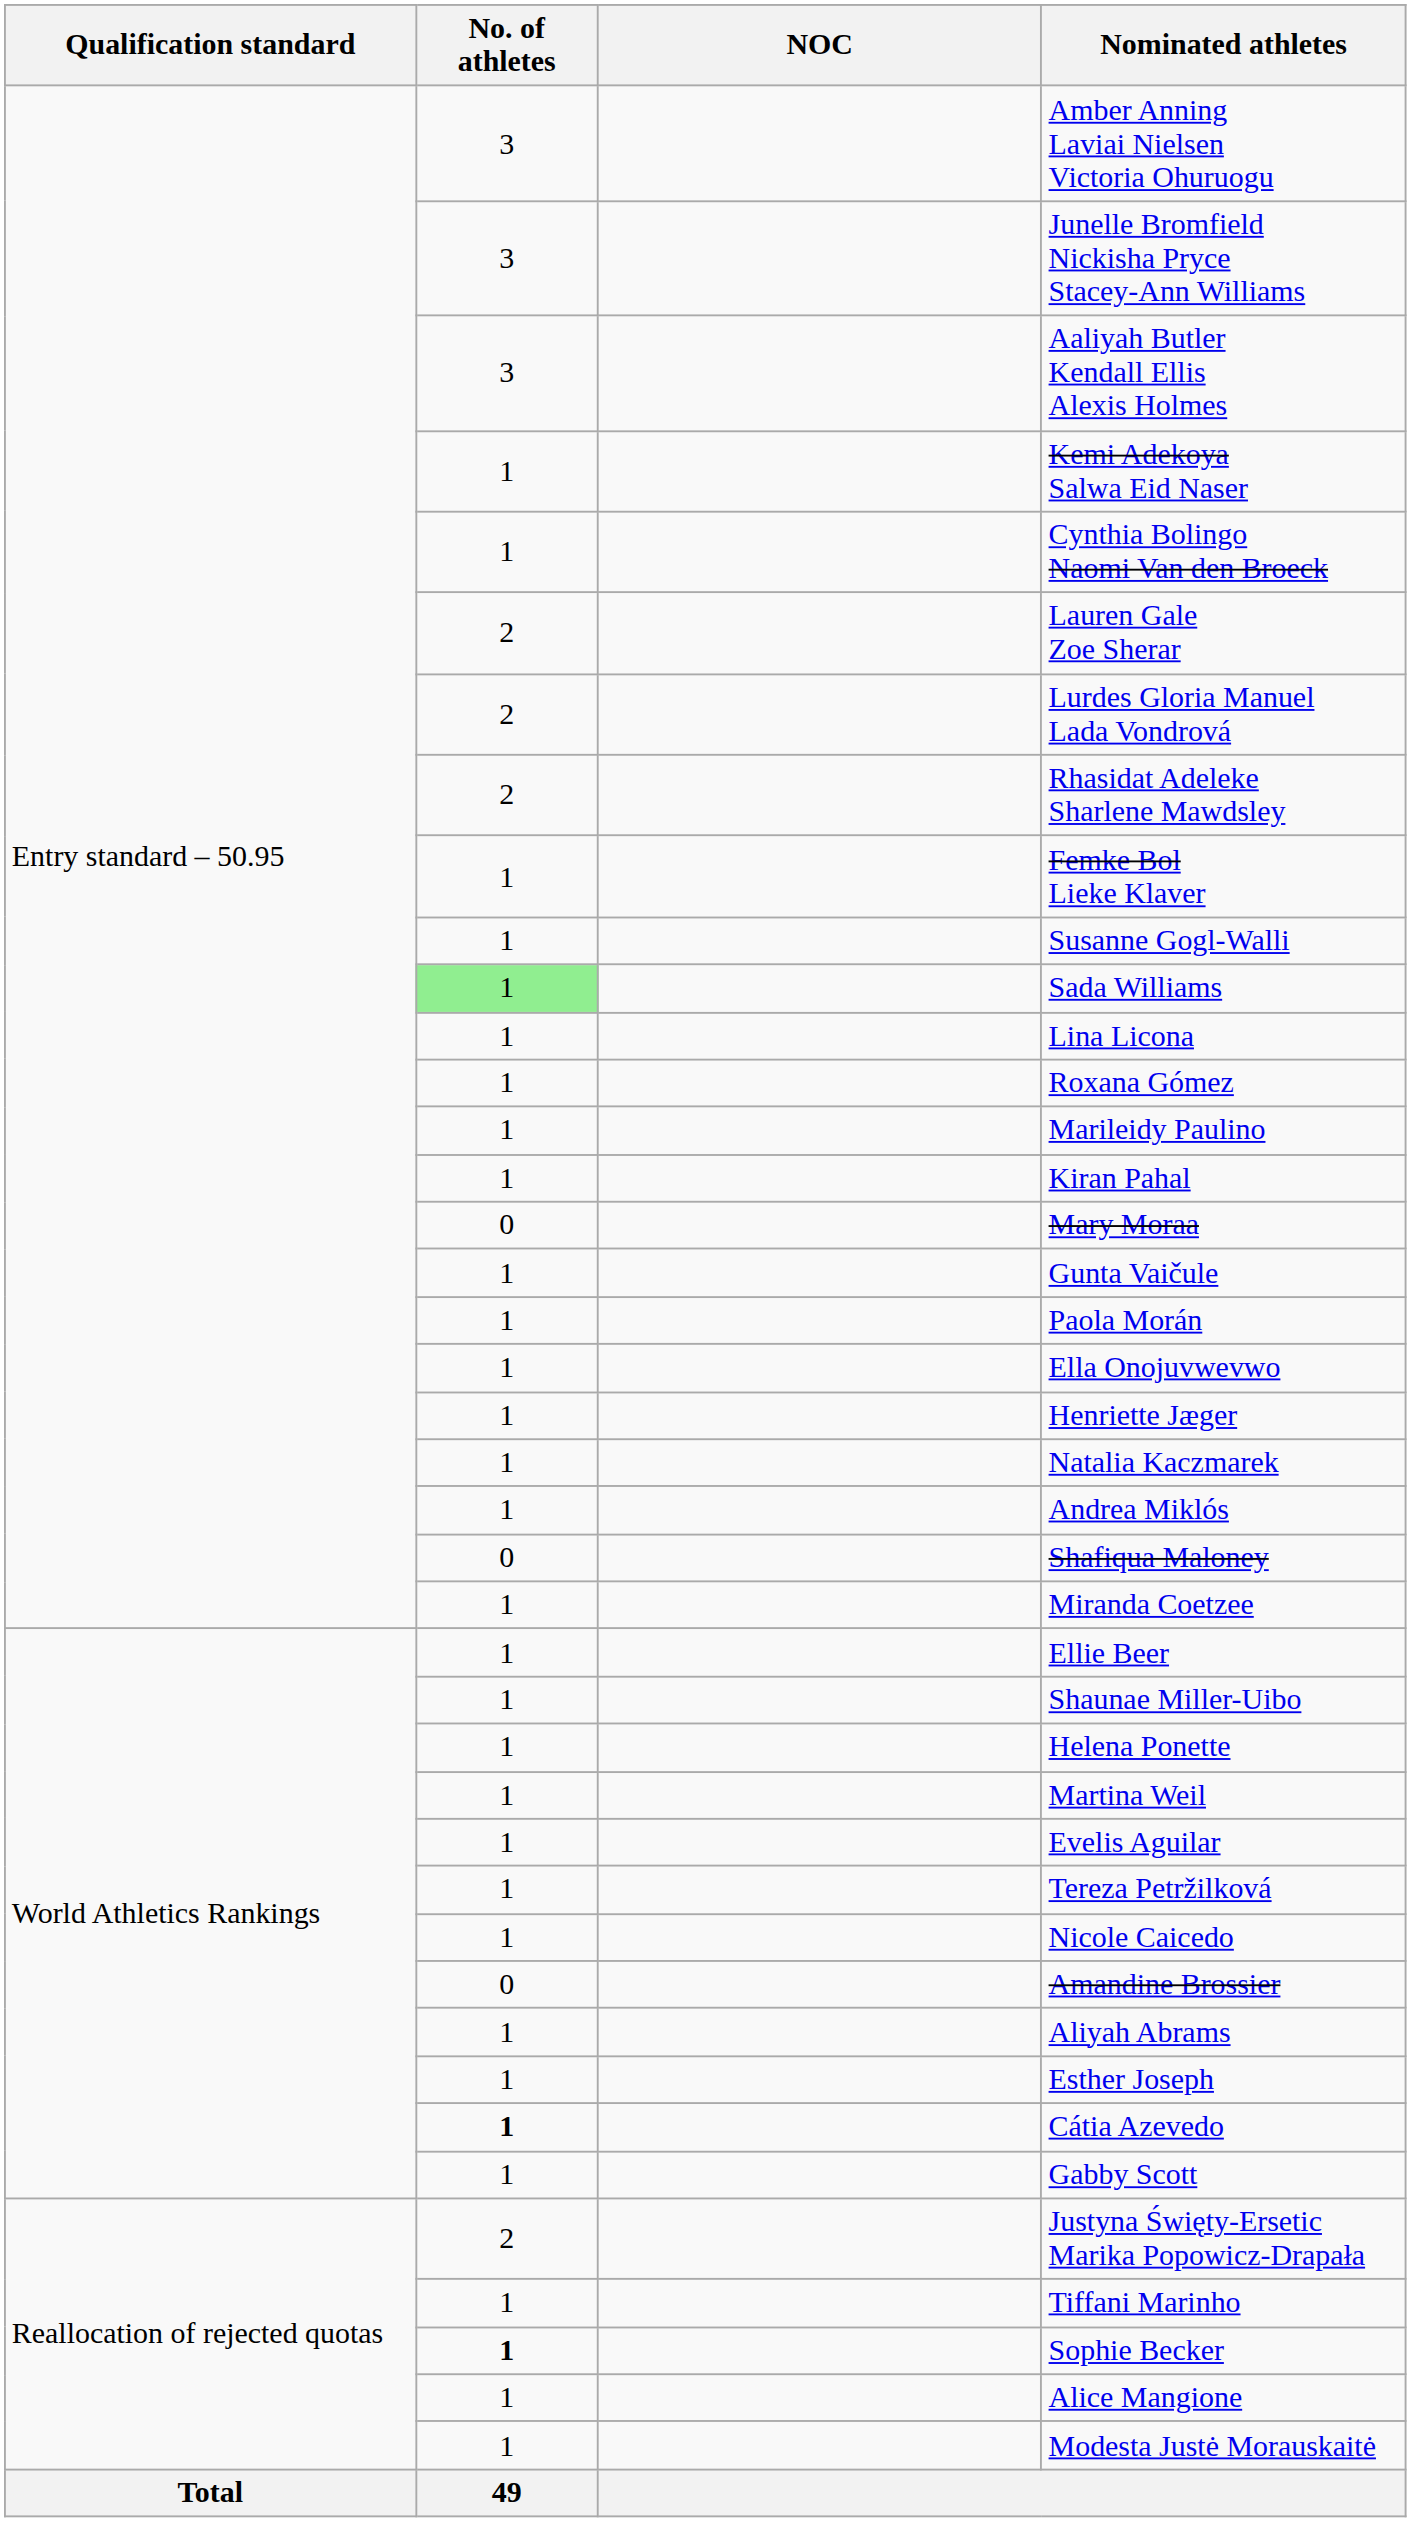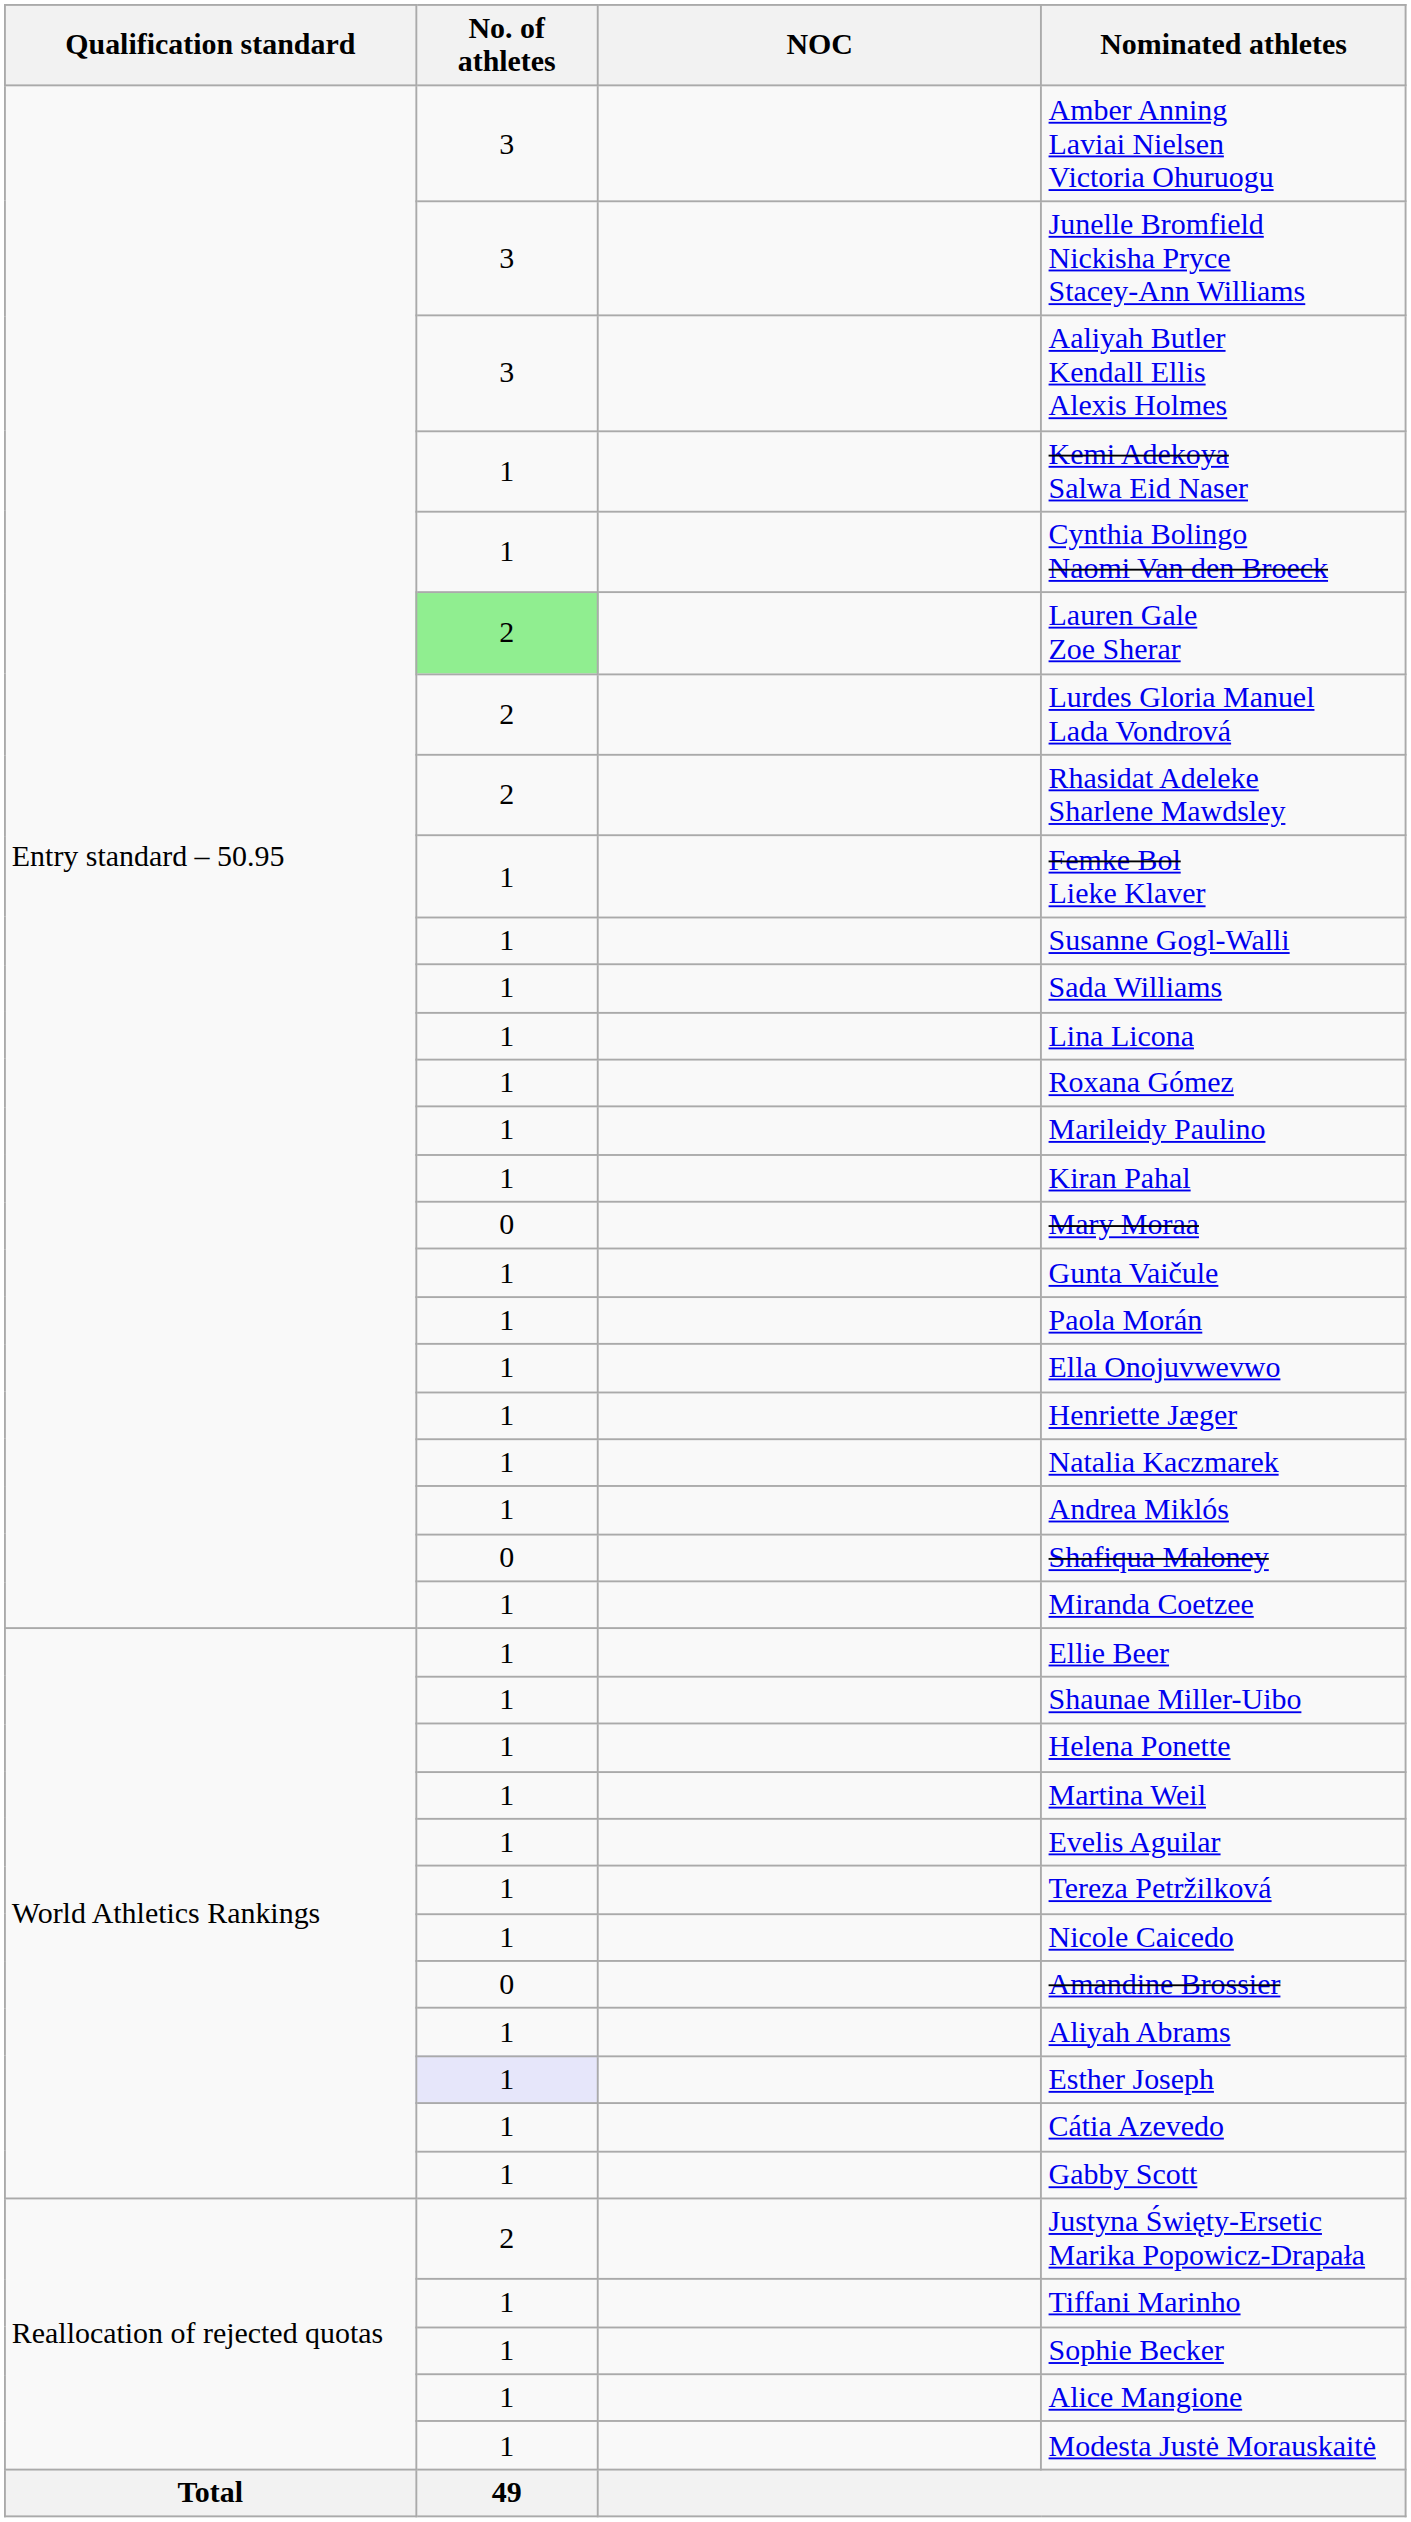 <table class="wikitable sortable" style="text-align:left; width:750px;">
 <tr>
 <th>Qualification standard</th>
 <th width=90>No. of athletes</th>
 <th width=230>NOC</th>
 <th>Nominated athletes</th>
 </tr>
 <tr>
 <td rowspan=24>Entry standard – 50.95</td>
 <td align=center>3</td>
 <td></td>
 <td><a href='#'>Amber Anning</a><br><a href='#'>Laviai Nielsen</a><br><a href='#'>Victoria Ohuruogu</a></td>
 </tr>
 <tr>
 <td align=center>3</td>
 <td></td>
 <td><a href='#'>Junelle Bromfield</a><br><a href='#'>Nickisha Pryce</a><br><a href='#'>Stacey-Ann Williams</a></td>
 </tr>
 <tr>
 <td align=center>3</td>
 <td></td>
 <td><a href='#'>Aaliyah Butler</a><br><a href='#'>Kendall Ellis</a><br><a href='#'>Alexis Holmes</a></td>
 </tr>
 <tr>
 <td align=center>1</td>
 <td></td>
 <td><s><a href='#'>Kemi Adekoya</a></s><br><a href='#'>Salwa Eid Naser</a></td>
 </tr>
 <tr>
 <td align=center>1</td>
 <td></td>
 <td><a href='#'>Cynthia Bolingo</a><br><s><a href='#'>Naomi Van den Broeck</a></s></td>
 </tr>
 <tr>
-<td align=center>2</td>
+<td align=center style="background: lightgreen;">2</td>
 <td></td>
 <td><a href='#'>Lauren Gale</a><br><a href='#'>Zoe Sherar</a></td>
 </tr>
 <tr>
 <td align=center>2</td>
 <td></td>
 <td><a href='#'>Lurdes Gloria Manuel</a><br><a href='#'>Lada Vondrová</a></td>
 </tr>
 <tr>
 <td align=center>2</td>
 <td></td>
 <td><a href='#'>Rhasidat Adeleke</a><br><a href='#'>Sharlene Mawdsley</a></td>
 </tr>
 <tr>
 <td align=center>1</td>
 <td></td>
 <td><s><a href='#'>Femke Bol</a></s><br><a href='#'>Lieke Klaver</a></td>
 </tr>
 <tr>
 <td align=center>1</td>
 <td></td>
 <td><a href='#'>Susanne Gogl-Walli</a></td>
 </tr>
 <tr>
-<td align=center style="background: lightgreen;">1</td>
+<td align=center>1</td>
 <td></td>
 <td><a href='#'>Sada Williams</a></td>
 </tr>
 <tr>
 <td align=center>1</td>
 <td></td>
 <td><a href='#'>Lina Licona</a></td>
 </tr>
 <tr>
 <td align=center>1</td>
 <td></td>
 <td><a href='#'>Roxana Gómez</a></td>
 </tr>
 <tr>
 <td align=center>1</td>
 <td></td>
 <td><a href='#'>Marileidy Paulino</a></td>
 </tr>
 <tr>
 <td align=center>1</td>
 <td></td>
 <td><a href='#'>Kiran Pahal</a></td>
 </tr>
 <tr>
 <td align=center>0</td>
 <td><s></s></td>
 <td><s><a href='#'>Mary Moraa</a></s></td>
 </tr>
 <tr>
 <td align=center>1</td>
 <td></td>
 <td><a href='#'>Gunta Vaičule</a></td>
 </tr>
 <tr>
 <td align=center>1</td>
 <td></td>
 <td><a href='#'>Paola Morán</a></td>
 </tr>
 <tr>
 <td align=center>1</td>
 <td></td>
 <td><a href='#'>Ella Onojuvwevwo</a></td>
 </tr>
 <tr>
 <td align=center>1</td>
 <td></td>
 <td><a href='#'>Henriette Jæger</a></td>
 </tr>
 <tr>
 <td align=center>1</td>
 <td></td>
 <td><a href='#'>Natalia Kaczmarek</a></td>
 </tr>
 <tr>
 <td align=center>1</td>
 <td></td>
 <td><a href='#'>Andrea Miklós</a></td>
 </tr>
 <tr>
 <td align=center>0</td>
 <td><s></s></td>
 <td><s><a href='#'>Shafiqua Maloney</a></s></td>
 </tr>
 <tr>
 <td align=center>1</td>
 <td></td>
 <td><a href='#'>Miranda Coetzee</a></td>
 </tr>
 <tr>
 <td rowspan="12">World Athletics Rankings</td>
 <td align=center>1</td>
 <td></td>
 <td><a href='#'>Ellie Beer</a></td>
 </tr>
 <tr>
 <td align=center>1</td>
 <td></td>
 <td><a href='#'>Shaunae Miller-Uibo</a></td>
 </tr>
 <tr>
 <td align=center>1</td>
 <td></td>
 <td><a href='#'>Helena Ponette</a></td>
 </tr>
 <tr>
 <td align=center>1</td>
 <td></td>
 <td><a href='#'>Martina Weil</a></td>
 </tr>
 <tr>
 <td align=center>1</td>
 <td></td>
 <td><a href='#'>Evelis Aguilar</a></td>
 </tr>
 <tr>
 <td align=center>1</td>
 <td></td>
 <td><a href='#'>Tereza Petržilková</a></td>
 </tr>
 <tr>
 <td align=center>1</td>
 <td></td>
 <td><a href='#'>Nicole Caicedo</a></td>
 </tr>
 <tr>
 <td align=center>0</td>
 <td><s></s></td>
 <td><s><a href='#'>Amandine Brossier</a></s></td>
 </tr>
 <tr>
 <td align=center>1</td>
 <td></td>
 <td><a href='#'>Aliyah Abrams</a></td>
 </tr>
 <tr>
-<td align=center>1</td>
+<td align=center style="background: lavender;">1</td>
 <td></td>
 <td><a href='#'>Esther Joseph</a></td>
 </tr>
 <tr>
-<td align=center><strong>1</strong></td>
+<td align=center>1</td>
 <td></td>
 <td><a href='#'>Cátia Azevedo</a></td>
 </tr>
 <tr>
 <td align=center>1</td>
 <td></td>
 <td><a href='#'>Gabby Scott</a></td>
 </tr>
 <tr>
 <td rowspan="5">Reallocation of rejected quotas</td>
 <td align=center>2</td>
 <td></td>
 <td><a href='#'>Justyna Święty-Ersetic</a><br><a href='#'>Marika Popowicz-Drapała</a></td>
 </tr>
 <tr>
 <td align=center>1</td>
 <td></td>
 <td><a href='#'>Tiffani Marinho</a></td>
 </tr>
 <tr>
-<td align=center><strong>1</strong></td>
+<td align=center>1</td>
 <td></td>
 <td><a href='#'>Sophie Becker</a></td>
 </tr>
 <tr>
 <td align=center>1</td>
 <td></td>
 <td><a href='#'>Alice Mangione</a></td>
 </tr>
 <tr>
 <td align=center>1</td>
 <td></td>
 <td><a href='#'>Modesta Justė Morauskaitė</a></td>
 </tr>
 <tr>
 <th>Total</th>
 <th>49</th>
 <th colspan=2></th>
 </tr>
 </table>
